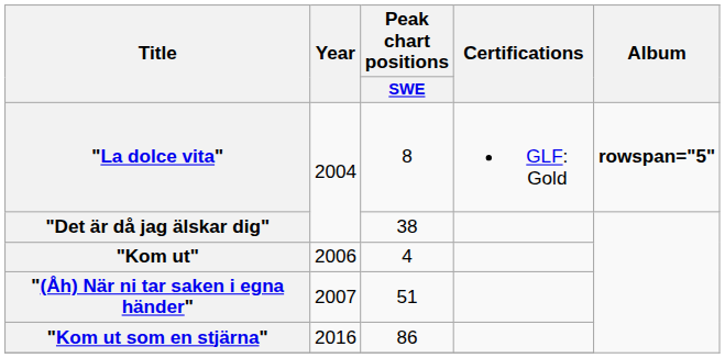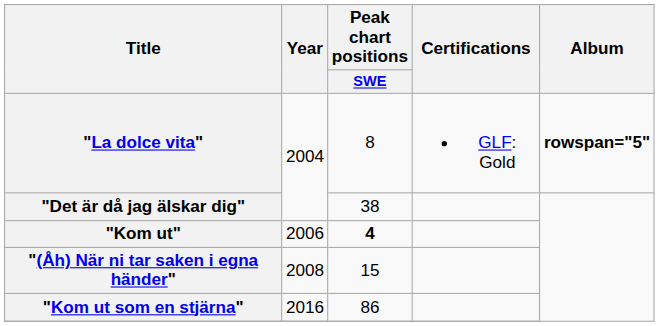 <table class="wikitable plainrowheaders" style="text-align:center;">
 <tr>
 <th scope="col" rowspan="2">Title</th>
 <th scope="col" rowspan="2">Year</th>
 <th scope="col" colspan="1">Peak chart positions</th>
 <th scope="col" rowspan="2">Certifications</th>
 <th scope="col" rowspan="2">Album</th>
 </tr>
 <tr>
 <th scope="col" style="width:3em;font-size:85%;"><a href='#'>SWE</a></th>
 </tr>
 <tr>
 <th scope="row">"<a href='#'>La dolce vita</a>"</th>
 <td rowspan="2">2004</td>
 <td>8</td>
 <td><br><ul><li><a href='#'>GLF</a>: Gold</li></ul></td>
 <td><strong>rowspan="5" </strong></td>
 </tr>
 <tr>
 <th scope="row">"Det är då jag älskar dig"</th>
 <td>38</td>
 <td></td>
 </tr>
 <tr>
 <th scope="row">"Kom ut"</th>
 <td>2006</td>
-<td>4</td>
+<td><strong>4</strong></td>
 <td></td>
 </tr>
 <tr>
 <th scope="row">"<a href='#'>(Åh) När ni tar saken i egna händer</a>"</th>
-<td>2007</td>
-<td>51</td>
+<td>2008</td>
+<td>15</td>
 <td></td>
 </tr>
 <tr>
 <th scope="row">"<a href='#'>Kom ut som en stjärna</a>"</th>
 <td>2016</td>
 <td>86</td>
 <td></td>
 </tr>
 <tr>
 </tr>
 </table>
